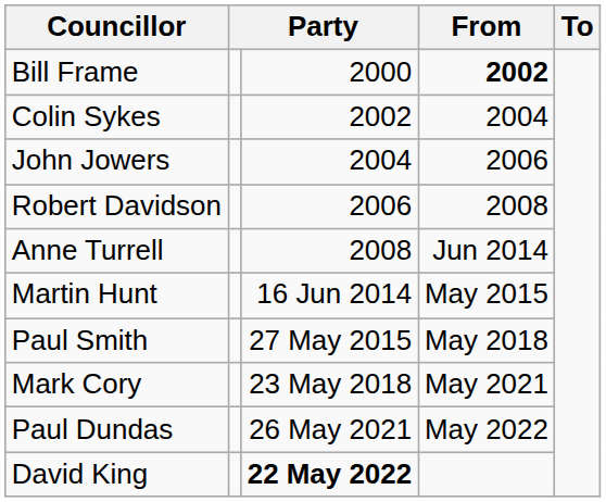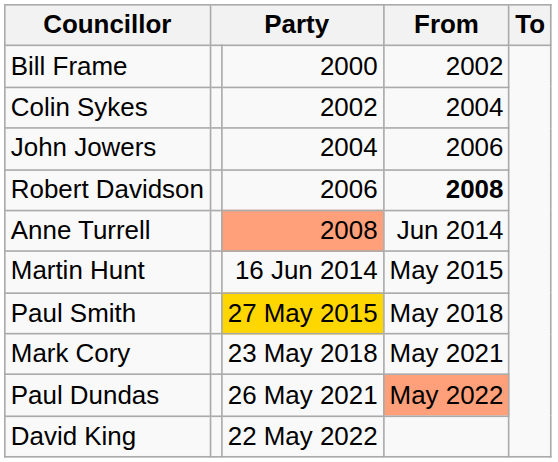 <table class=wikitable>
 <tr>
 <th>Councillor</th>
 <th colspan=2>Party</th>
 <th>From</th>
 <th>To</th>
 </tr>
 <tr>
 <td>Bill Frame</td>
 <td></td>
 <td align=right>2000</td>
-<td align=right><strong>2002</strong></td>
+<td align=right>2002</td>
 </tr>
 <tr>
 <td>Colin Sykes</td>
 <td></td>
 <td align=right>2002</td>
 <td align=right>2004</td>
 </tr>
 <tr>
 <td>John Jowers</td>
 <td></td>
 <td align=right>2004</td>
 <td align=right>2006</td>
 </tr>
 <tr>
 <td>Robert Davidson</td>
 <td></td>
 <td align=right>2006</td>
-<td align=right>2008</td>
+<td align=right><strong>2008</strong></td>
 </tr>
 <tr>
 <td>Anne Turrell</td>
 <td></td>
-<td align=right>2008</td>
+<td align=right style="background: lightsalmon;">2008</td>
 <td align=right>Jun 2014</td>
 </tr>
 <tr>
 <td>Martin Hunt</td>
 <td></td>
 <td align=right>16 Jun 2014</td>
 <td align=right>May 2015</td>
 </tr>
 <tr>
 <td>Paul Smith</td>
 <td></td>
-<td align=right>27 May 2015</td>
+<td align=right style="background: gold;">27 May 2015</td>
 <td align=right>May 2018</td>
 </tr>
 <tr>
 <td>Mark Cory</td>
 <td></td>
 <td align=right>23 May 2018</td>
 <td align=right>May 2021</td>
 </tr>
 <tr>
 <td>Paul Dundas</td>
 <td></td>
 <td align=right>26 May 2021</td>
-<td align=right>May 2022</td>
+<td align=right style="background: lightsalmon;">May 2022</td>
 </tr>
 <tr>
 <td>David King</td>
 <td></td>
-<td align=right><strong>22 May 2022</strong></td>
+<td align=right>22 May 2022</td>
 <td></td>
 </tr>
 </table>
